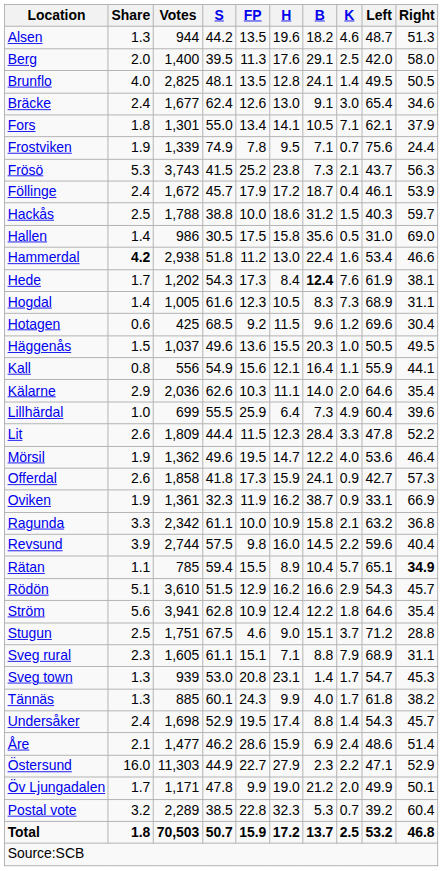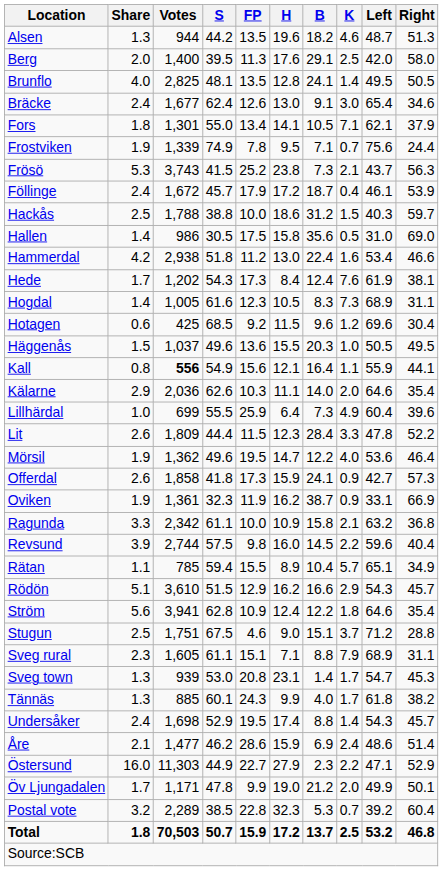 <table class="wikitable sortable" style=text-align:right>
 <tr>
 <th>Location</th>
 <th>Share</th>
 <th>Votes</th>
 <th><a href='#'>S</a></th>
 <th><a href='#'>FP</a></th>
 <th><a href='#'>H</a></th>
 <th><a href='#'>B</a></th>
 <th><a href='#'>K</a></th>
 <th>Left</th>
 <th>Right</th>
 </tr>
 <tr>
 <td align=left><a href='#'>Alsen</a></td>
 <td>1.3</td>
 <td>944</td>
 <td>44.2</td>
 <td>13.5</td>
 <td>19.6</td>
 <td>18.2</td>
 <td>4.6</td>
 <td>48.7</td>
 <td>51.3</td>
 </tr>
 <tr>
 <td align=left><a href='#'>Berg</a></td>
 <td>2.0</td>
 <td>1,400</td>
 <td>39.5</td>
 <td>11.3</td>
 <td>17.6</td>
 <td>29.1</td>
 <td>2.5</td>
 <td>42.0</td>
 <td>58.0</td>
 </tr>
 <tr>
 <td align=left><a href='#'>Brunflo</a></td>
 <td>4.0</td>
 <td>2,825</td>
 <td>48.1</td>
 <td>13.5</td>
 <td>12.8</td>
 <td>24.1</td>
 <td>1.4</td>
 <td>49.5</td>
 <td>50.5</td>
 </tr>
 <tr>
 <td align=left><a href='#'>Bräcke</a></td>
 <td>2.4</td>
 <td>1,677</td>
 <td>62.4</td>
 <td>12.6</td>
 <td>13.0</td>
 <td>9.1</td>
 <td>3.0</td>
 <td>65.4</td>
 <td>34.6</td>
 </tr>
 <tr>
 <td align=left><a href='#'>Fors</a></td>
 <td>1.8</td>
 <td>1,301</td>
 <td>55.0</td>
 <td>13.4</td>
 <td>14.1</td>
 <td>10.5</td>
 <td>7.1</td>
 <td>62.1</td>
 <td>37.9</td>
 </tr>
 <tr>
 <td align=left><a href='#'>Frostviken</a></td>
 <td>1.9</td>
 <td>1,339</td>
 <td>74.9</td>
 <td>7.8</td>
 <td>9.5</td>
 <td>7.1</td>
 <td>0.7</td>
 <td>75.6</td>
 <td>24.4</td>
 </tr>
 <tr>
 <td align=left><a href='#'>Frösö</a></td>
 <td>5.3</td>
 <td>3,743</td>
 <td>41.5</td>
 <td>25.2</td>
 <td>23.8</td>
 <td>7.3</td>
 <td>2.1</td>
 <td>43.7</td>
 <td>56.3</td>
 </tr>
 <tr>
 <td align=left><a href='#'>Föllinge</a></td>
 <td>2.4</td>
 <td>1,672</td>
 <td>45.7</td>
 <td>17.9</td>
 <td>17.2</td>
 <td>18.7</td>
 <td>0.4</td>
 <td>46.1</td>
 <td>53.9</td>
 </tr>
 <tr>
 <td align=left><a href='#'>Hackås</a></td>
 <td>2.5</td>
 <td>1,788</td>
 <td>38.8</td>
 <td>10.0</td>
 <td>18.6</td>
 <td>31.2</td>
 <td>1.5</td>
 <td>40.3</td>
 <td>59.7</td>
 </tr>
 <tr>
 <td align=left><a href='#'>Hallen</a></td>
 <td>1.4</td>
 <td>986</td>
 <td>30.5</td>
 <td>17.5</td>
 <td>15.8</td>
 <td>35.6</td>
 <td>0.5</td>
 <td>31.0</td>
 <td>69.0</td>
 </tr>
 <tr>
 <td align=left><a href='#'>Hammerdal</a></td>
-<td><strong>4.2</strong></td>
+<td>4.2</td>
 <td>2,938</td>
 <td>51.8</td>
 <td>11.2</td>
 <td>13.0</td>
 <td>22.4</td>
 <td>1.6</td>
 <td>53.4</td>
 <td>46.6</td>
 </tr>
 <tr>
 <td align=left><a href='#'>Hede</a></td>
 <td>1.7</td>
 <td>1,202</td>
 <td>54.3</td>
 <td>17.3</td>
 <td>8.4</td>
-<td><strong>12.4</strong></td>
+<td>12.4</td>
 <td>7.6</td>
 <td>61.9</td>
 <td>38.1</td>
 </tr>
 <tr>
 <td align=left><a href='#'>Hogdal</a></td>
 <td>1.4</td>
 <td>1,005</td>
 <td>61.6</td>
 <td>12.3</td>
 <td>10.5</td>
 <td>8.3</td>
 <td>7.3</td>
 <td>68.9</td>
 <td>31.1</td>
 </tr>
 <tr>
 <td align=left><a href='#'>Hotagen</a></td>
 <td>0.6</td>
 <td>425</td>
 <td>68.5</td>
 <td>9.2</td>
 <td>11.5</td>
 <td>9.6</td>
 <td>1.2</td>
 <td>69.6</td>
 <td>30.4</td>
 </tr>
 <tr>
 <td align=left><a href='#'>Häggenås</a></td>
 <td>1.5</td>
 <td>1,037</td>
 <td>49.6</td>
 <td>13.6</td>
 <td>15.5</td>
 <td>20.3</td>
 <td>1.0</td>
 <td>50.5</td>
 <td>49.5</td>
 </tr>
 <tr>
 <td align=left><a href='#'>Kall</a></td>
 <td>0.8</td>
-<td>556</td>
+<td><strong>556</strong></td>
 <td>54.9</td>
 <td>15.6</td>
 <td>12.1</td>
 <td>16.4</td>
 <td>1.1</td>
 <td>55.9</td>
 <td>44.1</td>
 </tr>
 <tr>
 <td align=left><a href='#'>Kälarne</a></td>
 <td>2.9</td>
 <td>2,036</td>
 <td>62.6</td>
 <td>10.3</td>
 <td>11.1</td>
 <td>14.0</td>
 <td>2.0</td>
 <td>64.6</td>
 <td>35.4</td>
 </tr>
 <tr>
 <td align=left><a href='#'>Lillhärdal</a></td>
 <td>1.0</td>
 <td>699</td>
 <td>55.5</td>
 <td>25.9</td>
 <td>6.4</td>
 <td>7.3</td>
 <td>4.9</td>
 <td>60.4</td>
 <td>39.6</td>
 </tr>
 <tr>
 <td align=left><a href='#'>Lit</a></td>
 <td>2.6</td>
 <td>1,809</td>
 <td>44.4</td>
 <td>11.5</td>
 <td>12.3</td>
 <td>28.4</td>
 <td>3.3</td>
 <td>47.8</td>
 <td>52.2</td>
 </tr>
 <tr>
 <td align=left><a href='#'>Mörsil</a></td>
 <td>1.9</td>
 <td>1,362</td>
 <td>49.6</td>
 <td>19.5</td>
 <td>14.7</td>
 <td>12.2</td>
 <td>4.0</td>
 <td>53.6</td>
 <td>46.4</td>
 </tr>
 <tr>
 <td align=left><a href='#'>Offerdal</a></td>
 <td>2.6</td>
 <td>1,858</td>
 <td>41.8</td>
 <td>17.3</td>
 <td>15.9</td>
 <td>24.1</td>
 <td>0.9</td>
 <td>42.7</td>
 <td>57.3</td>
 </tr>
 <tr>
 <td align=left><a href='#'>Oviken</a></td>
 <td>1.9</td>
 <td>1,361</td>
 <td>32.3</td>
 <td>11.9</td>
 <td>16.2</td>
 <td>38.7</td>
 <td>0.9</td>
 <td>33.1</td>
 <td>66.9</td>
 </tr>
 <tr>
 <td align=left><a href='#'>Ragunda</a></td>
 <td>3.3</td>
 <td>2,342</td>
 <td>61.1</td>
 <td>10.0</td>
 <td>10.9</td>
 <td>15.8</td>
 <td>2.1</td>
 <td>63.2</td>
 <td>36.8</td>
 </tr>
 <tr>
 <td align=left><a href='#'>Revsund</a></td>
 <td>3.9</td>
 <td>2,744</td>
 <td>57.5</td>
 <td>9.8</td>
 <td>16.0</td>
 <td>14.5</td>
 <td>2.2</td>
 <td>59.6</td>
 <td>40.4</td>
 </tr>
 <tr>
 <td align=left><a href='#'>Rätan</a></td>
 <td>1.1</td>
 <td>785</td>
 <td>59.4</td>
 <td>15.5</td>
 <td>8.9</td>
 <td>10.4</td>
 <td>5.7</td>
 <td>65.1</td>
-<td><strong>34.9</strong></td>
+<td>34.9</td>
 </tr>
 <tr>
 <td align=left><a href='#'>Rödön</a></td>
 <td>5.1</td>
 <td>3,610</td>
 <td>51.5</td>
 <td>12.9</td>
 <td>16.2</td>
 <td>16.6</td>
 <td>2.9</td>
 <td>54.3</td>
 <td>45.7</td>
 </tr>
 <tr>
 <td align=left><a href='#'>Ström</a></td>
 <td>5.6</td>
 <td>3,941</td>
 <td>62.8</td>
 <td>10.9</td>
 <td>12.4</td>
 <td>12.2</td>
 <td>1.8</td>
 <td>64.6</td>
 <td>35.4</td>
 </tr>
 <tr>
 <td align=left><a href='#'>Stugun</a></td>
 <td>2.5</td>
 <td>1,751</td>
 <td>67.5</td>
 <td>4.6</td>
 <td>9.0</td>
 <td>15.1</td>
 <td>3.7</td>
 <td>71.2</td>
 <td>28.8</td>
 </tr>
 <tr>
 <td align=left><a href='#'>Sveg rural</a></td>
 <td>2.3</td>
 <td>1,605</td>
 <td>61.1</td>
 <td>15.1</td>
 <td>7.1</td>
 <td>8.8</td>
 <td>7.9</td>
 <td>68.9</td>
 <td>31.1</td>
 </tr>
 <tr>
 <td align=left><a href='#'>Sveg town</a></td>
 <td>1.3</td>
 <td>939</td>
 <td>53.0</td>
 <td>20.8</td>
 <td>23.1</td>
 <td>1.4</td>
 <td>1.7</td>
 <td>54.7</td>
 <td>45.3</td>
 </tr>
 <tr>
 <td align=left><a href='#'>Tännäs</a></td>
 <td>1.3</td>
 <td>885</td>
 <td>60.1</td>
 <td>24.3</td>
 <td>9.9</td>
 <td>4.0</td>
 <td>1.7</td>
 <td>61.8</td>
 <td>38.2</td>
 </tr>
 <tr>
 <td align=left><a href='#'>Undersåker</a></td>
 <td>2.4</td>
 <td>1,698</td>
 <td>52.9</td>
 <td>19.5</td>
 <td>17.4</td>
 <td>8.8</td>
 <td>1.4</td>
 <td>54.3</td>
 <td>45.7</td>
 </tr>
 <tr>
 <td align=left><a href='#'>Åre</a></td>
 <td>2.1</td>
 <td>1,477</td>
 <td>46.2</td>
 <td>28.6</td>
 <td>15.9</td>
 <td>6.9</td>
 <td>2.4</td>
 <td>48.6</td>
 <td>51.4</td>
 </tr>
 <tr>
 <td align=left><a href='#'>Östersund</a></td>
 <td>16.0</td>
 <td>11,303</td>
 <td>44.9</td>
 <td>22.7</td>
 <td>27.9</td>
 <td>2.3</td>
 <td>2.2</td>
 <td>47.1</td>
 <td>52.9</td>
 </tr>
 <tr>
 <td align=left><a href='#'>Öv Ljungadalen</a></td>
 <td>1.7</td>
 <td>1,171</td>
 <td>47.8</td>
 <td>9.9</td>
 <td>19.0</td>
 <td>21.2</td>
 <td>2.0</td>
 <td>49.9</td>
 <td>50.1</td>
 </tr>
 <tr>
 <td align=left><a href='#'>Postal vote</a></td>
 <td>3.2</td>
 <td>2,289</td>
 <td>38.5</td>
 <td>22.8</td>
 <td>32.3</td>
 <td>5.3</td>
 <td>0.7</td>
 <td>39.2</td>
 <td>60.4</td>
 </tr>
 <tr>
 <td align=left><strong>Total</strong></td>
 <td><strong>1.8</strong></td>
 <td><strong>70,503</strong></td>
 <td><strong>50.7</strong></td>
 <td><strong>15.9</strong></td>
 <td><strong>17.2</strong></td>
 <td><strong>13.7</strong></td>
 <td><strong>2.5</strong></td>
 <td><strong>53.2</strong></td>
 <td><strong>46.8</strong></td>
 </tr>
 <tr>
 <td align=left colspan=10>Source:SCB </td>
 </tr>
 </table>
